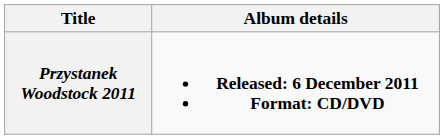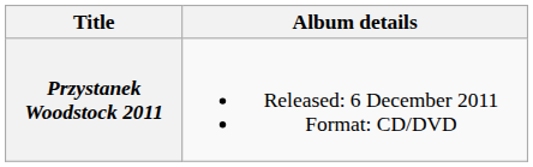 <table class="wikitable plainrowheaders" style="text-align:center;" border="1">
 <tr>
 <th scope="col" style="width:8em;">Title</th>
 <th scope="col" style="width:16em;">Album details</th>
 </tr>
 <tr>
 <th scope="row"><em>Przystanek Woodstock 2011</em></th>
-<td><strong><br><ul><li>Released: 6 December 2011</li><li>Format: CD/DVD</li></ul></strong></td>
+<td><br><ul><li>Released: 6 December 2011</li><li>Format: CD/DVD</li></ul></td>
 </tr>
 </table>
